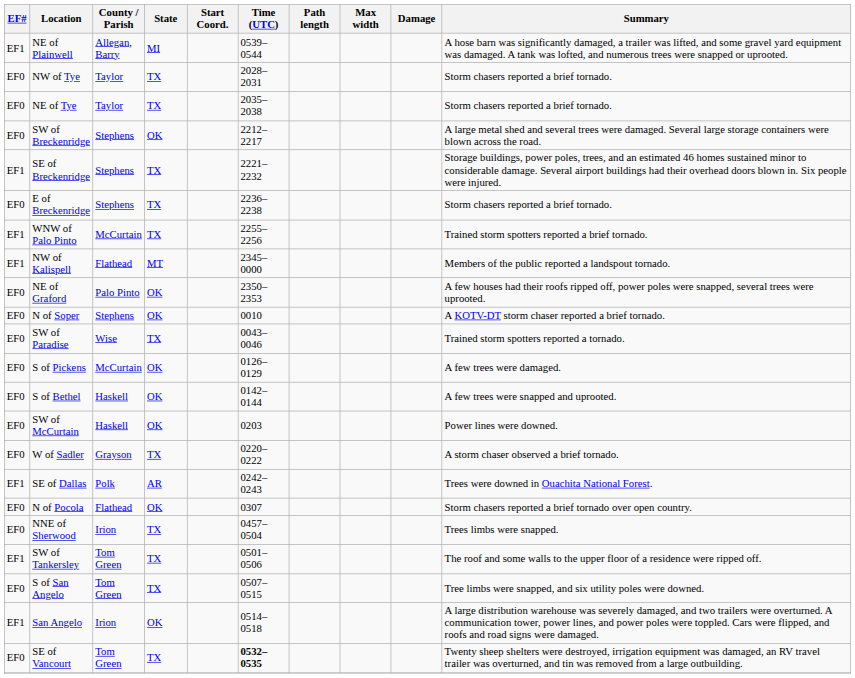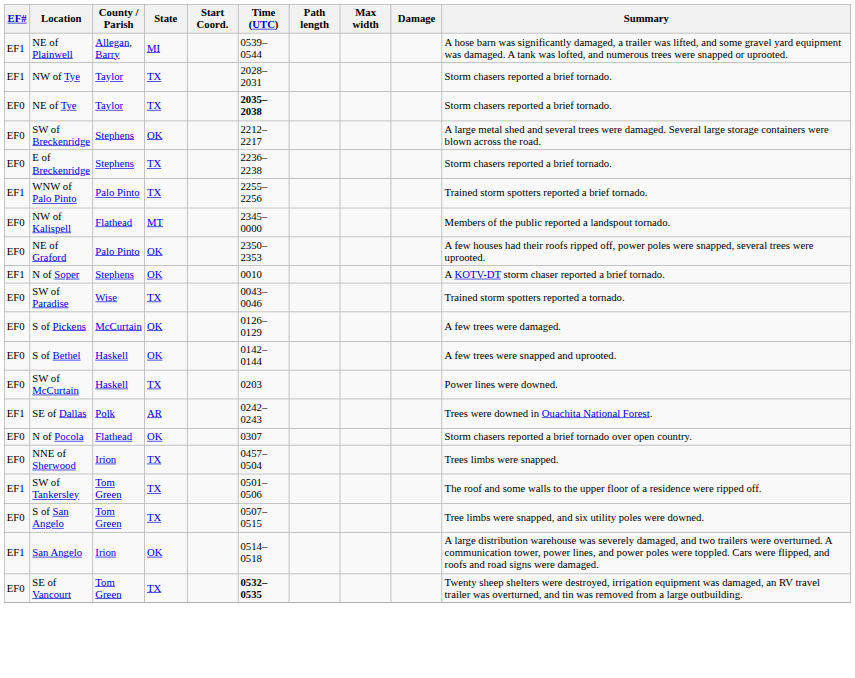 <table class="wikitable sortable" style="width:100%;">
 <tr>
 <th scope="col" width="3%" align="center"><a href='#'>EF#</a></th>
 <th scope="col" width="7%" align="center" class="unsortable">Location</th>
 <th scope="col" width="6%" align="center" class="unsortable">County / Parish</th>
 <th scope="col" width="5%" align="center">State</th>
 <th scope="col" width="6%" align="center">Start Coord.</th>
 <th scope="col" width="6%" align="center">Time (<a href='#'>UTC</a>)</th>
 <th scope="col" width="6%" align="center">Path length</th>
 <th scope="col" width="6%" align="center">Max width</th>
 <th scope="col" width="6%" align="center">Damage</th>
 <th scope="col" width="48%" class="unsortable" align="center">Summary</th>
 </tr>
 <tr>
 <td>EF1</td>
 <td>NE of <a href='#'>Plainwell</a></td>
 <td><a href='#'>Allegan</a>, <a href='#'>Barry</a></td>
 <td><a href='#'>MI</a></td>
 <td></td>
 <td>0539–0544</td>
 <td></td>
 <td></td>
 <td></td>
 <td>A hose barn was significantly damaged, a trailer was lifted, and some gravel yard equipment was damaged. A tank was lofted, and numerous trees were snapped or uprooted.</td>
 </tr>
 <tr>
-<td>EF0</td>
+<td>EF1</td>
 <td>NW of <a href='#'>Tye</a></td>
 <td><a href='#'>Taylor</a></td>
 <td><a href='#'>TX</a></td>
 <td></td>
 <td>2028–2031</td>
 <td></td>
 <td></td>
 <td></td>
 <td>Storm chasers reported a brief tornado.</td>
 </tr>
 <tr>
 <td>EF0</td>
 <td>NE of <a href='#'>Tye</a></td>
 <td><a href='#'>Taylor</a></td>
 <td><a href='#'>TX</a></td>
 <td></td>
-<td>2035–2038</td>
+<td><strong>2035–2038</strong></td>
 <td></td>
 <td></td>
 <td></td>
 <td>Storm chasers reported a brief tornado.</td>
 </tr>
 <tr>
 <td>EF0</td>
 <td>SW of <a href='#'>Breckenridge</a></td>
 <td><a href='#'>Stephens</a></td>
 <td><a href='#'>OK</a></td>
 <td></td>
 <td>2212–2217</td>
 <td></td>
 <td></td>
 <td></td>
 <td>A large metal shed and several trees were damaged. Several large storage containers were blown across the road.</td>
 </tr>
 <tr>
-<td>EF1</td>
-<td>SE of <a href='#'>Breckenridge</a></td>
-<td><a href='#'>Stephens</a></td>
-<td><a href='#'>TX</a></td>
-<td></td>
-<td>2221–2232</td>
-<td></td>
-<td></td>
-<td></td>
-<td>Storage buildings, power poles, trees, and an estimated 46 homes sustained minor to considerable damage. Several airport buildings had their overhead doors blown in. Six people were injured.</td>
-</tr>
-<tr>
 <td>EF0</td>
 <td>E of <a href='#'>Breckenridge</a></td>
 <td><a href='#'>Stephens</a></td>
 <td><a href='#'>TX</a></td>
 <td></td>
 <td>2236–2238</td>
 <td></td>
 <td></td>
 <td></td>
 <td>Storm chasers reported a brief tornado.</td>
 </tr>
 <tr>
 <td>EF1</td>
 <td>WNW of <a href='#'>Palo Pinto</a></td>
-<td><a href='#'>McCurtain</a></td>
+<td><a href='#'>Palo Pinto</a></td>
 <td><a href='#'>TX</a></td>
 <td></td>
 <td>2255–2256</td>
 <td></td>
 <td></td>
 <td></td>
 <td>Trained storm spotters reported a brief tornado.</td>
 </tr>
 <tr>
-<td>EF1</td>
+<td>EF0</td>
 <td>NW of <a href='#'>Kalispell</a></td>
 <td><a href='#'>Flathead</a></td>
 <td><a href='#'>MT</a></td>
 <td></td>
 <td>2345–0000</td>
 <td></td>
 <td></td>
 <td></td>
 <td>Members of the public reported a landspout tornado.</td>
 </tr>
 <tr>
 <td>EF0</td>
 <td>NE of <a href='#'>Graford</a></td>
 <td><a href='#'>Palo Pinto</a></td>
 <td><a href='#'>OK</a></td>
 <td></td>
 <td>2350–2353</td>
 <td></td>
 <td></td>
 <td></td>
 <td>A few houses had their roofs ripped off, power poles were snapped, several trees were uprooted.</td>
 </tr>
 <tr>
-<td>EF0</td>
+<td>EF1</td>
 <td>N of <a href='#'>Soper</a></td>
 <td><a href='#'>Stephens</a></td>
 <td><a href='#'>OK</a></td>
 <td></td>
 <td>0010</td>
 <td></td>
 <td></td>
 <td></td>
 <td>A <a href='#'>KOTV-DT</a> storm chaser reported a brief tornado.</td>
 </tr>
 <tr>
 <td>EF0</td>
 <td>SW of <a href='#'>Paradise</a></td>
 <td><a href='#'>Wise</a></td>
 <td><a href='#'>TX</a></td>
 <td></td>
 <td>0043–0046</td>
 <td></td>
 <td></td>
 <td></td>
 <td>Trained storm spotters reported a tornado.</td>
 </tr>
 <tr>
 <td>EF0</td>
 <td>S of <a href='#'>Pickens</a></td>
 <td><a href='#'>McCurtain</a></td>
 <td><a href='#'>OK</a></td>
 <td></td>
 <td>0126–0129</td>
 <td></td>
 <td></td>
 <td></td>
 <td>A few trees were damaged.</td>
 </tr>
 <tr>
 <td>EF0</td>
 <td>S of <a href='#'>Bethel</a></td>
 <td><a href='#'>Haskell</a></td>
 <td><a href='#'>OK</a></td>
 <td></td>
 <td>0142–0144</td>
 <td></td>
 <td></td>
 <td></td>
 <td>A few trees were snapped and uprooted.</td>
 </tr>
 <tr>
 <td>EF0</td>
 <td>SW of <a href='#'>McCurtain</a></td>
 <td><a href='#'>Haskell</a></td>
-<td><a href='#'>OK</a></td>
+<td><a href='#'>TX</a></td>
 <td></td>
 <td>0203</td>
 <td></td>
 <td></td>
 <td></td>
 <td>Power lines were downed.</td>
-</tr>
-<tr>
-<td>EF0</td>
-<td>W of <a href='#'>Sadler</a></td>
-<td><a href='#'>Grayson</a></td>
-<td><a href='#'>TX</a></td>
-<td></td>
-<td>0220–0222</td>
-<td></td>
-<td></td>
-<td></td>
-<td>A storm chaser observed a brief tornado.</td>
 </tr>
 <tr>
 <td>EF1</td>
 <td>SE of <a href='#'>Dallas</a></td>
 <td><a href='#'>Polk</a></td>
 <td><a href='#'>AR</a></td>
 <td></td>
 <td>0242–0243</td>
 <td></td>
 <td></td>
 <td></td>
 <td>Trees were downed in <a href='#'>Ouachita National Forest</a>.</td>
 </tr>
 <tr>
 <td>EF0</td>
 <td>N of <a href='#'>Pocola</a></td>
 <td><a href='#'>Flathead</a></td>
 <td><a href='#'>OK</a></td>
 <td></td>
 <td>0307</td>
 <td></td>
 <td></td>
 <td></td>
 <td>Storm chasers reported a brief tornado over open country.</td>
 </tr>
 <tr>
 <td>EF0</td>
 <td>NNE of <a href='#'>Sherwood</a></td>
 <td><a href='#'>Irion</a></td>
 <td><a href='#'>TX</a></td>
 <td></td>
 <td>0457–0504</td>
 <td></td>
 <td></td>
 <td></td>
 <td>Trees limbs were snapped.</td>
 </tr>
 <tr>
 <td>EF1</td>
 <td>SW of <a href='#'>Tankersley</a></td>
 <td><a href='#'>Tom Green</a></td>
 <td><a href='#'>TX</a></td>
 <td></td>
 <td>0501–0506</td>
 <td></td>
 <td></td>
 <td></td>
 <td>The roof and some walls to the upper floor of a residence were ripped off.</td>
 </tr>
 <tr>
 <td>EF0</td>
 <td>S of <a href='#'>San Angelo</a></td>
 <td><a href='#'>Tom Green</a></td>
 <td><a href='#'>TX</a></td>
 <td></td>
 <td>0507–0515</td>
 <td></td>
 <td></td>
 <td></td>
 <td>Tree limbs were snapped, and six utility poles were downed.</td>
 </tr>
 <tr>
 <td>EF1</td>
 <td><a href='#'>San Angelo</a></td>
 <td><a href='#'>Irion</a></td>
 <td><a href='#'>OK</a></td>
 <td></td>
 <td>0514–0518</td>
 <td></td>
 <td></td>
 <td></td>
 <td>A large distribution warehouse was severely damaged, and two trailers were overturned. A communication tower, power lines, and power poles were toppled. Cars were flipped, and roofs and road signs were damaged.</td>
 </tr>
 <tr>
 <td>EF0</td>
 <td>SE of <a href='#'>Vancourt</a></td>
 <td><a href='#'>Tom Green</a></td>
 <td><a href='#'>TX</a></td>
 <td></td>
 <td><strong>0532–0535</strong></td>
 <td></td>
 <td></td>
 <td></td>
 <td>Twenty sheep shelters were destroyed, irrigation equipment was damaged, an RV travel trailer was overturned, and tin was removed from a large outbuilding.</td>
 </tr>
 <tr>
 </tr>
 </table>
